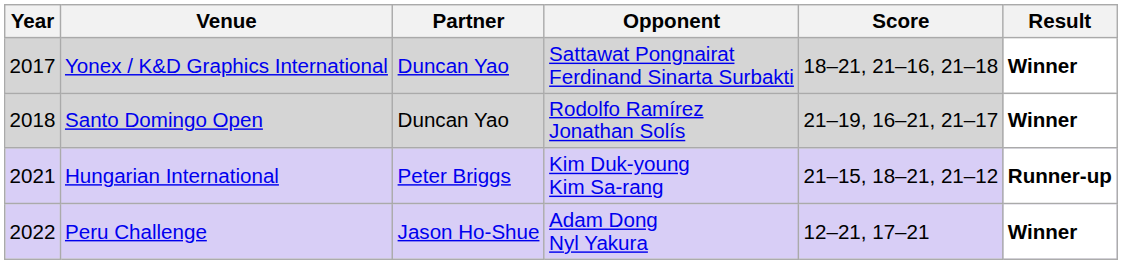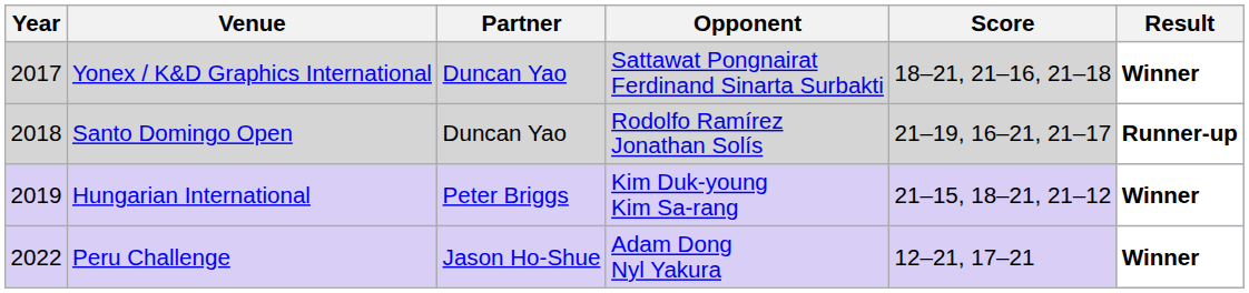 <table class="sortable wikitable" style="font-size: 90%;">
 <tr>
 <th>Year</th>
 <th>Venue</th>
 <th>Partner</th>
 <th>Opponent</th>
 <th>Score</th>
 <th>Result</th>
 </tr>
 <tr style="background:#D5D5D5">
 <td align="center">2017</td>
 <td align="left"><a href='#'>Yonex / K&D Graphics International</a></td>
 <td align="left"> <a href='#'>Duncan Yao</a></td>
 <td align="left"> <a href='#'>Sattawat Pongnairat</a><br> <a href='#'>Ferdinand Sinarta Surbakti</a></td>
 <td align="left">18–21, 21–16, 21–18</td>
 <td style="text-align:left; background:white"> <strong>Winner</strong></td>
 </tr>
 <tr style="background:#D5D5D5">
 <td align="center">2018</td>
 <td align="left"><a href='#'>Santo Domingo Open</a></td>
 <td align="left"> Duncan Yao</td>
 <td align="left"> <a href='#'>Rodolfo Ramírez</a><br> <a href='#'>Jonathan Solís</a></td>
 <td align="left">21–19, 16–21, 21–17</td>
-<td style="text-align:left; background:white"> <strong>Winner</strong></td>
+<td style="text-align:left; background:white"> <strong>Runner-up</strong></td>
 </tr>
 <tr style="background:#D8CEF6">
-<td align="center">2021</td>
+<td align="center">2019</td>
 <td align="left"><a href='#'>Hungarian International</a></td>
 <td align="left"> <a href='#'>Peter Briggs</a></td>
 <td align="left"> <a href='#'>Kim Duk-young</a><br> <a href='#'>Kim Sa-rang</a></td>
 <td align="left">21–15, 18–21, 21–12</td>
-<td style="text-align:left; background:white"> <strong>Runner-up</strong></td>
+<td style="text-align:left; background:white"> <strong>Winner</strong></td>
 </tr>
 <tr style="background:#D8CEF6">
 <td align="center">2022</td>
 <td align="left"><a href='#'>Peru Challenge</a></td>
 <td align="left"> <a href='#'>Jason Ho-Shue</a></td>
 <td align="left"> <a href='#'>Adam Dong</a><br> <a href='#'>Nyl Yakura</a></td>
 <td align="left">12–21, 17–21</td>
 <td style="text-align:left; background:white"> <strong>Winner</strong></td>
 </tr>
 </table>
